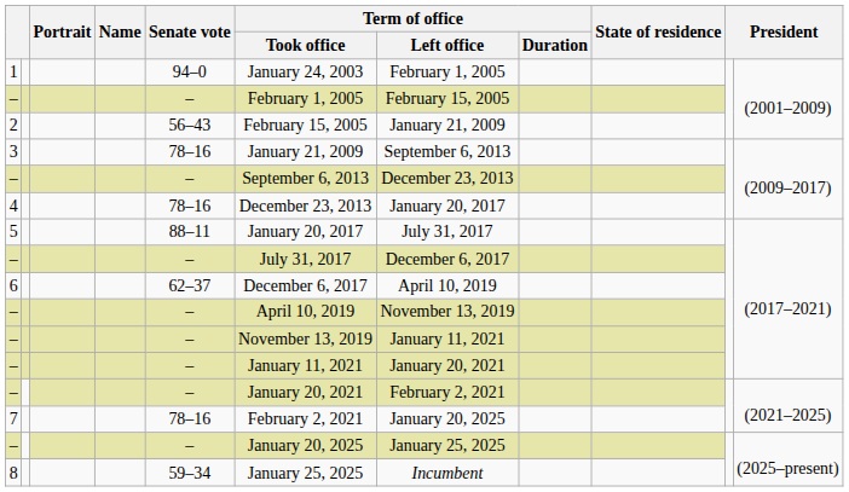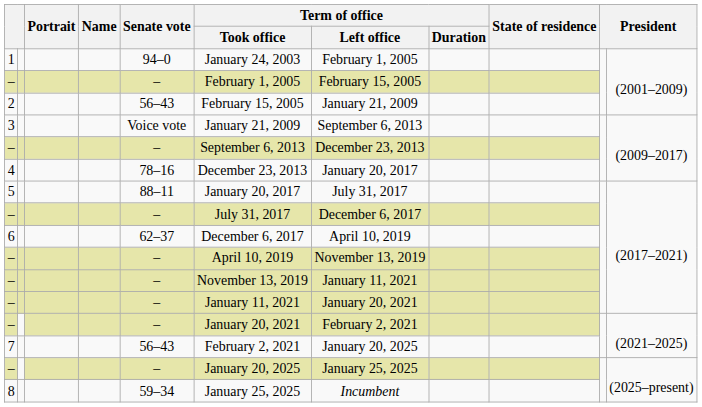 <table class="wikitable sortable" style="text-align:center;">
 <tr>
 <th colspan=2 rowspan=2></th>
 <th class=unsortable rowspan=2>Portrait</th>
 <th rowspan=2>Name</th>
 <th rowspan=2>Senate vote</th>
 <th colspan=3>Term of office</th>
 <th rowspan=2>State of residence</th>
 <th colspan=2 rowspan=2>President</th>
 </tr>
 <tr>
 <th>Took office</th>
 <th>Left office</th>
 <th>Duration</th>
 </tr>
 <tr>
 <td>1</td>
 <td style="background: "></td>
 <td></td>
 <td><strong></strong><br></td>
 <td>94–0</td>
 <td>January 24, 2003</td>
 <td>February 1, 2005</td>
 <td></td>
 <td></td>
 <td rowspan=3 style="background: "></td>
 <td rowspan=3><br>(2001–2009)</td>
 </tr>
 <tr style="background:#e6e6aa;">
 <td>–</td>
 <td style="background: "></td>
 <td></td>
 <td><strong></strong><br></td>
 <td>–</td>
 <td>February 1, 2005</td>
 <td>February 15, 2005</td>
 <td></td>
 <td></td>
 </tr>
 <tr>
 <td>2</td>
 <td style="background: "></td>
 <td></td>
 <td><strong></strong><br></td>
 <td>56–43</td>
 <td>February 15, 2005</td>
 <td>January 21, 2009</td>
 <td></td>
 <td></td>
 </tr>
 <tr>
 <td>3</td>
 <td style="background: "></td>
 <td></td>
 <td><strong></strong><br></td>
-<td>78–16</td>
+<td>Voice vote</td>
 <td>January 21, 2009</td>
 <td>September 6, 2013</td>
 <td></td>
 <td></td>
 <td rowspan=3 style="background: "></td>
 <td rowspan=3><br>(2009–2017)</td>
 </tr>
 <tr style="background:#e6e6aa;">
 <td>–</td>
 <td style="background: "></td>
 <td></td>
 <td><strong></strong> <br></td>
 <td>–</td>
 <td>September 6, 2013</td>
 <td>December 23, 2013</td>
 <td></td>
 <td></td>
 </tr>
 <tr>
 <td>4</td>
 <td style="background: "></td>
 <td></td>
 <td><strong></strong><br></td>
 <td>78–16</td>
 <td>December 23, 2013</td>
 <td>January 20, 2017</td>
 <td></td>
 <td></td>
 </tr>
 <tr>
 <td>5</td>
 <td style="background: "></td>
 <td></td>
 <td><strong></strong><br></td>
 <td>88–11</td>
 <td>January 20, 2017</td>
 <td>July 31, 2017</td>
 <td></td>
 <td></td>
 <td rowspan=6 style="background: "></td>
 <td rowspan=6><br>(2017–2021)</td>
 </tr>
 <tr style="background:#e6e6aa;">
 <td>–</td>
 <td style="background: "></td>
 <td></td>
 <td><strong></strong> <br></td>
 <td>–</td>
 <td>July 31, 2017</td>
 <td>December 6, 2017</td>
 <td></td>
 <td></td>
 </tr>
 <tr>
 <td>6</td>
 <td style="background: "></td>
 <td></td>
 <td><strong></strong><br></td>
 <td>62–37</td>
 <td>December 6, 2017</td>
 <td>April 10, 2019</td>
 <td></td>
 <td></td>
 </tr>
 <tr style="background:#e6e6aa;">
 <td>–</td>
 <td style="background: "></td>
 <td></td>
 <td><strong></strong> <br></td>
 <td>–</td>
 <td>April 10, 2019</td>
 <td>November 13, 2019</td>
 <td></td>
 <td></td>
 </tr>
 <tr style="background:#e6e6aa;">
 <td>–</td>
 <td style="background: "></td>
 <td></td>
 <td><strong></strong> <br></td>
 <td>–</td>
 <td>November 13, 2019</td>
 <td>January 11, 2021</td>
 <td></td>
 <td></td>
 </tr>
 <tr style="background:#e6e6aa;">
 <td>–</td>
 <td style="background: "></td>
 <td></td>
 <td><strong></strong><br></td>
 <td>–</td>
 <td>January 11, 2021</td>
 <td>January 20, 2021</td>
 <td></td>
 <td></td>
 </tr>
 <tr>
 <td style="background:#e6e6aa;">–</td>
 <td style="background: "></td>
 <td style="background:#e6e6aa;"></td>
 <td style="background:#e6e6aa;"><strong></strong><br></td>
 <td style="background:#e6e6aa;">–</td>
 <td style="background:#e6e6aa;">January 20, 2021</td>
 <td style="background:#e6e6aa;">February 2, 2021</td>
 <td style="background:#e6e6aa;"></td>
 <td style="background:#e6e6aa;"></td>
 <td rowspan=2 style="background: "></td>
 <td rowspan=2><br>(2021–2025)</td>
 </tr>
 <tr>
 <td>7</td>
 <td style="background: "></td>
 <td></td>
 <td><strong></strong><br></td>
-<td>78–16</td>
+<td>56–43</td>
 <td>February 2, 2021</td>
 <td>January 20, 2025</td>
 <td></td>
 <td></td>
 </tr>
 <tr>
 <td style="background:#e6e6aa;">–</td>
 <td style="background: "></td>
 <td style="background:#e6e6aa;"></td>
 <td style="background:#e6e6aa;"><strong></strong><br></td>
 <td style="background:#e6e6aa;">–</td>
 <td style="background:#e6e6aa;">January 20, 2025</td>
 <td style="background:#e6e6aa;">January 25, 2025</td>
 <td style="background:#e6e6aa;"></td>
 <td style="background:#e6e6aa;"></td>
 <td rowspan=2 style="background: "></td>
 <td rowspan=2><br>(2025–present)</td>
 </tr>
 <tr>
 <td>8</td>
 <td style="background: "></td>
 <td></td>
 <td><strong></strong><br></td>
 <td>59–34</td>
 <td>January 25, 2025</td>
 <td><em>Incumbent</em></td>
 <td></td>
 <td></td>
 </tr>
 </table>
